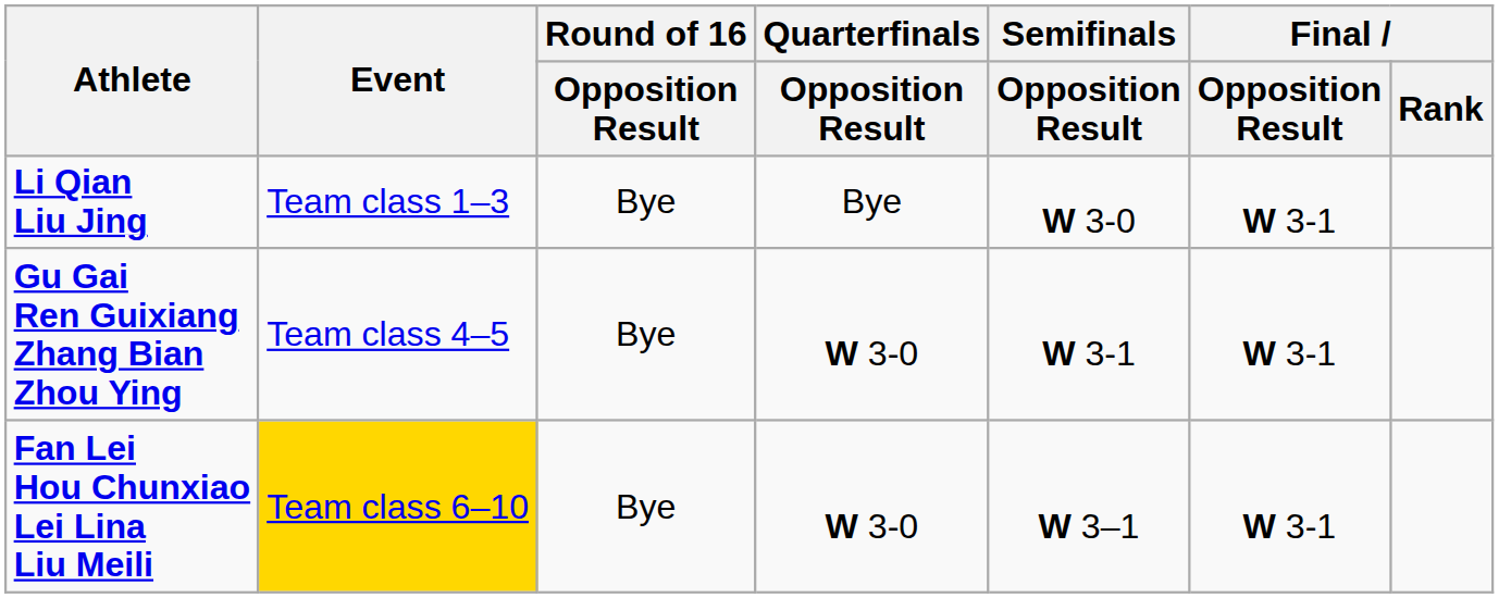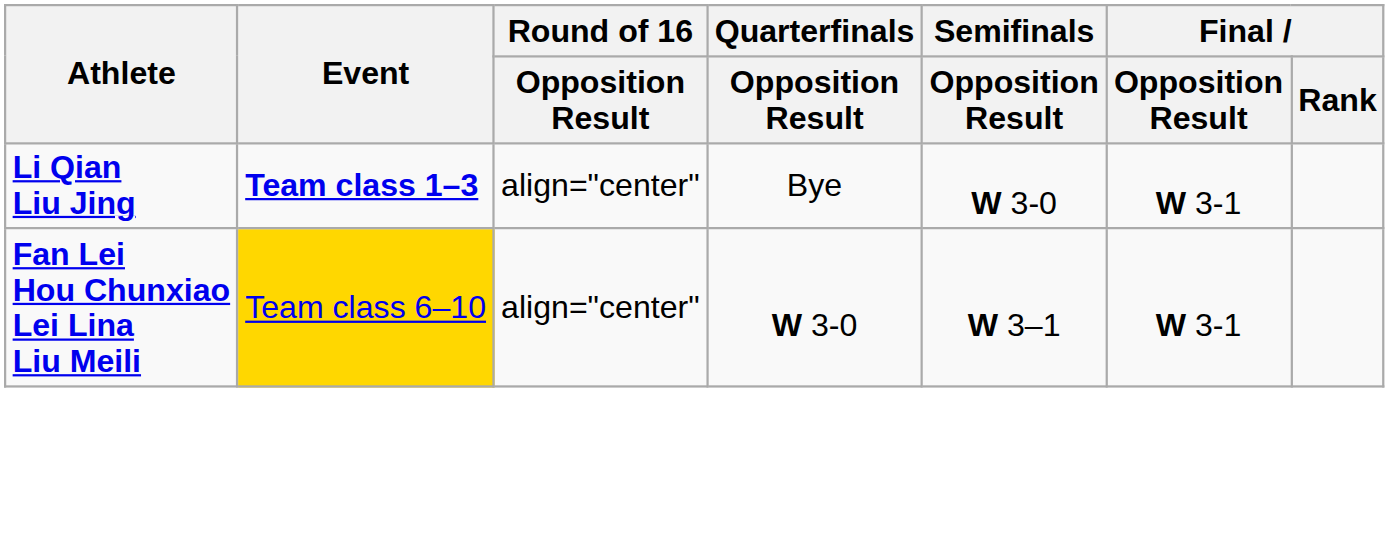 <table class=wikitable style="font-size:90%">
 <tr>
 <th rowspan="2">Athlete</th>
 <th rowspan="2">Event</th>
 <th>Round of 16</th>
 <th>Quarterfinals</th>
 <th>Semifinals</th>
 <th colspan="2">Final / </th>
 </tr>
 <tr>
 <th>Opposition<br>Result</th>
 <th>Opposition<br>Result</th>
 <th>Opposition<br>Result</th>
 <th>Opposition<br>Result</th>
 <th>Rank</th>
 </tr>
 <tr>
 <td><strong><a href='#'>Li Qian</a></strong><br> <strong><a href='#'>Liu Jing</a></strong></td>
-<td><a href='#'>Team class 1–3</a></td>
-<td align="center">Bye</td>
+<td><strong><a href='#'>Team class 1–3</a></strong></td>
+<td>align="center" </td>
 <td align="center">Bye</td>
 <td align="center"><br><strong>W</strong> 3-0</td>
 <td align="center"><br><strong>W</strong> 3-1</td>
 <td align="center"></td>
 </tr>
 <tr>
-<td><strong><a href='#'>Gu Gai</a></strong><br> <strong><a href='#'>Ren Guixiang</a></strong><br> <strong><a href='#'>Zhang Bian</a></strong><br> <strong><a href='#'>Zhou Ying</a></strong></td>
-<td><a href='#'>Team class 4–5</a></td>
-<td align="center">Bye</td>
-<td align="center"><br><strong>W</strong> 3-0</td>
-<td align="center"><br><strong>W</strong> 3-1</td>
-<td align="center"><br><strong>W</strong> 3-1</td>
-<td align="center"></td>
-</tr>
-<tr>
 <td><strong><a href='#'>Fan Lei</a></strong><br> <strong><a href='#'>Hou Chunxiao</a></strong><br> <strong><a href='#'>Lei Lina</a></strong><br> <strong><a href='#'>Liu Meili</a></strong></td>
 <td style="background: gold;"><a href='#'>Team class 6–10</a></td>
-<td align="center">Bye</td>
+<td>align="center" </td>
 <td align="center"><br><strong>W</strong> 3-0</td>
 <td align="center"><br><strong>W</strong> 3–1</td>
 <td align="center"><br><strong>W</strong> 3-1</td>
 <td align="center"></td>
 </tr>
 </table>
